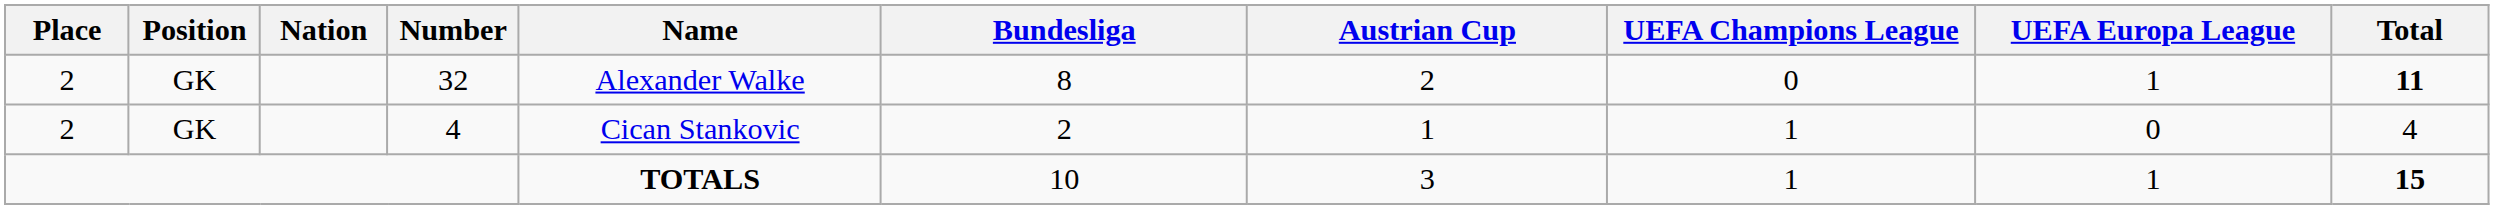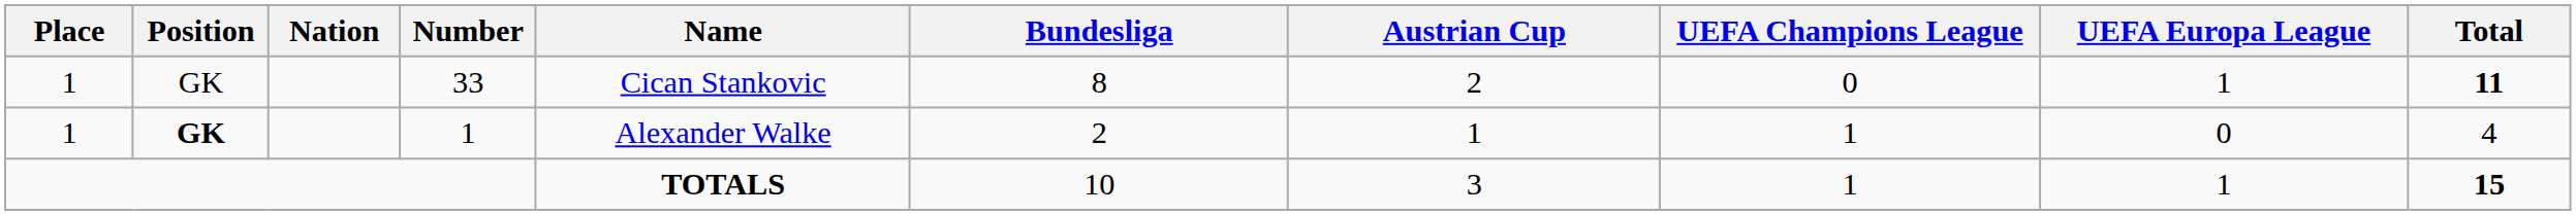 <table class="wikitable" style="font-size: 95%; text-align: center;">
 <tr>
 <th width=60>Place</th>
 <th width=60>Position</th>
 <th width=60>Nation</th>
 <th width=60>Number</th>
 <th width=200>Name</th>
 <th width=200><a href='#'>Bundesliga</a></th>
 <th width=200><a href='#'>Austrian Cup</a></th>
 <th width=200><a href='#'>UEFA Champions League</a></th>
 <th width=200><a href='#'>UEFA Europa League</a></th>
 <th width=80>Total</th>
 </tr>
 <tr>
-<td>2</td>
+<td>1</td>
 <td>GK</td>
 <td></td>
-<td>32</td>
-<td><a href='#'>Alexander Walke</a></td>
+<td>33</td>
+<td><a href='#'>Cican Stankovic</a></td>
 <td>8</td>
 <td>2</td>
 <td>0</td>
 <td>1</td>
 <td><strong>11</strong></td>
 </tr>
 <tr>
-<td>2</td>
-<td>GK</td>
+<td>1</td>
+<td><strong>GK</strong></td>
 <td></td>
-<td>4</td>
-<td><a href='#'>Cican Stankovic</a></td>
+<td>1</td>
+<td><a href='#'>Alexander Walke</a></td>
 <td>2</td>
 <td>1</td>
 <td>1</td>
 <td>0</td>
 <td>4</td>
 </tr>
 <tr>
 <td colspan="4"></td>
 <td><strong>TOTALS</strong></td>
 <td>10</td>
 <td>3</td>
 <td>1</td>
 <td>1</td>
 <td><strong>15</strong></td>
 </tr>
 </table>
